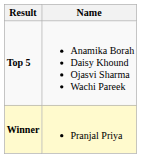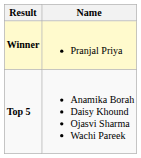 <table class="wikitable sortable" style="font-size: 95%;">
 <tr>
 <th>Result</th>
 <th>Name</th>
 </tr>
+<tr style="background:#FFFACD">
+<td><strong>Winner</strong></td>
+<td><br><ul><li>Pranjal Priya</li></ul></td>
+</tr>
 <tr>
 <td><strong>Top 5</strong></td>
 <td><br><ul><li>Anamika Borah</li><li>Daisy Khound</li><li>Ojasvi Sharma</li><li>Wachi Pareek</li></ul></td>
 </tr>
-<tr style="background:#FFFACD">
-<td><strong>Winner</strong></td>
-<td><br><ul><li>Pranjal Priya</li></ul></td>
-</tr>
 </table>
